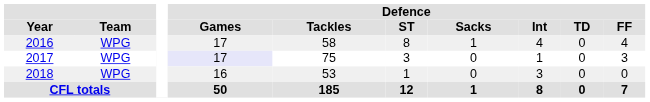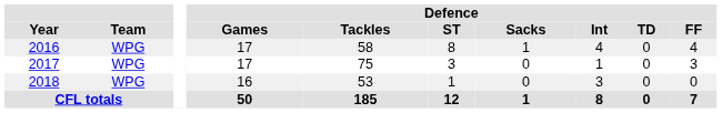 <table BORDER="0" CELLPADDING="1" CELLSPACING="0" width="65%" style="text-align:center">
 <tr bgcolor="#e0e0e0">
 <th colspan="2"></th>
 <th rowspan="100" bgcolor="#ffffff"> </th>
 <th colspan="7">Defence</th>
 </tr>
 <tr bgcolor="#e0e0e0">
 <th>Year</th>
 <th>Team</th>
 <th>Games</th>
 <th>Tackles</th>
 <th>ST</th>
 <th>Sacks</th>
 <th>Int</th>
 <th>TD</th>
 <th>FF</th>
 </tr>
 <tr ALIGN="center" bgcolor="#f0f0f0">
 <td><a href='#'>2016</a></td>
 <td><a href='#'>WPG</a></td>
 <td>17</td>
 <td>58</td>
 <td>8</td>
 <td>1</td>
 <td>4</td>
 <td>0</td>
 <td>4</td>
 </tr>
 <tr>
 <td><a href='#'>2017</a></td>
 <td><a href='#'>WPG</a></td>
-<td style="background: lavender;">17</td>
+<td>17</td>
 <td>75</td>
 <td>3</td>
 <td>0</td>
 <td>1</td>
 <td>0</td>
 <td>3</td>
 </tr>
 <tr ALIGN="center" bgcolor="#f0f0f0">
 <td><a href='#'>2018</a></td>
 <td><a href='#'>WPG</a></td>
 <td>16</td>
 <td>53</td>
 <td>1</td>
 <td>0</td>
 <td>3</td>
 <td>0</td>
 <td>0</td>
 </tr>
 <tr>
 </tr>
 <tr bgcolor="#e0e0e0">
 <th colspan="2"><a href='#'>CFL totals</a></th>
 <th>50</th>
 <th>185</th>
 <th>12</th>
 <th>1</th>
 <th>8</th>
 <th>0</th>
 <th>7</th>
 </tr>
 </table>
